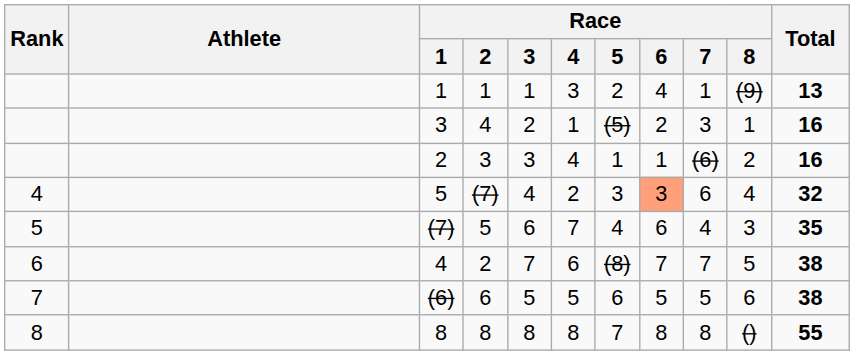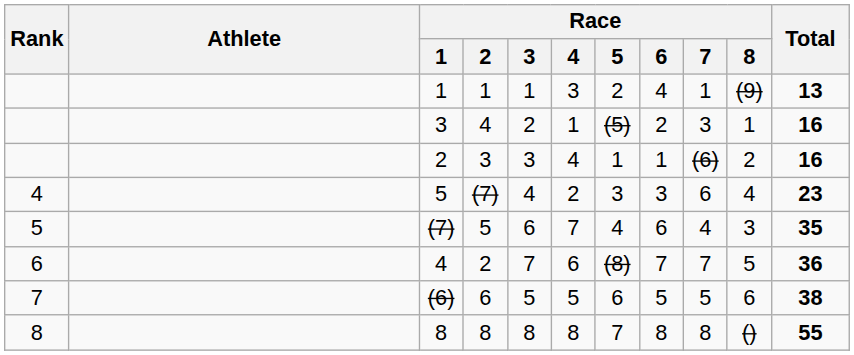 <table class="wikitable" style="text-align:center">
 <tr>
 <th rowspan="2" width=40>Rank</th>
 <th rowspan="2" width=250>Athlete</th>
 <th colspan="8">Race</th>
 <th rowspan="2" width=50>Total</th>
 </tr>
 <tr>
 <th width=25>1</th>
 <th width=25>2</th>
 <th width=25>3</th>
 <th width=25>4</th>
 <th width=25>5</th>
 <th width=25>6</th>
 <th width=25>7</th>
 <th width=25>8</th>
 </tr>
 <tr>
 <td></td>
 <td align=left></td>
 <td>1</td>
 <td>1</td>
 <td>1</td>
 <td>3</td>
 <td>2</td>
 <td>4</td>
 <td>1</td>
 <td><s>(9)</s></td>
 <td><strong>13</strong></td>
 </tr>
 <tr>
 <td></td>
 <td align=left></td>
 <td>3</td>
 <td>4</td>
 <td>2</td>
 <td>1</td>
 <td><s>(5)</s></td>
 <td>2</td>
 <td>3</td>
 <td>1</td>
 <td><strong>16</strong></td>
 </tr>
 <tr>
 <td></td>
 <td align=left></td>
 <td>2</td>
 <td>3</td>
 <td>3</td>
 <td>4</td>
 <td>1</td>
 <td>1</td>
 <td><s>(6)</s></td>
 <td>2</td>
 <td><strong>16</strong></td>
 </tr>
 <tr>
 <td>4</td>
 <td align=left></td>
 <td>5</td>
 <td><s>(7)</s></td>
 <td>4</td>
 <td>2</td>
 <td>3</td>
-<td style="background: lightsalmon;">3</td>
+<td>3</td>
 <td>6</td>
 <td>4</td>
-<td><strong>32</strong></td>
+<td><strong>23</strong></td>
 </tr>
 <tr>
 <td>5</td>
 <td align=left></td>
 <td><s>(7)</s></td>
 <td>5</td>
 <td>6</td>
 <td>7</td>
 <td>4</td>
 <td>6</td>
 <td>4</td>
 <td>3</td>
 <td><strong>35</strong></td>
 </tr>
 <tr>
 <td>6</td>
 <td align=left></td>
 <td>4</td>
 <td>2</td>
 <td>7</td>
 <td>6</td>
 <td><s>(8)</s></td>
 <td>7</td>
 <td>7</td>
 <td>5</td>
-<td><strong>38</strong></td>
+<td><strong>36</strong></td>
 </tr>
 <tr>
 <td>7</td>
 <td align=left></td>
 <td><s>(6)</s></td>
 <td>6</td>
 <td>5</td>
 <td>5</td>
 <td>6</td>
 <td>5</td>
 <td>5</td>
 <td>6</td>
 <td><strong>38</strong></td>
 </tr>
 <tr>
 <td>8</td>
 <td align=left></td>
 <td>8</td>
 <td>8</td>
 <td>8</td>
 <td>8</td>
 <td>7</td>
 <td>8</td>
 <td>8</td>
 <td><s>()</s></td>
 <td><strong>55</strong></td>
 </tr>
 </table>
